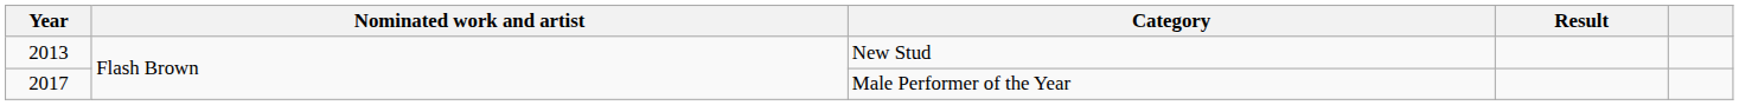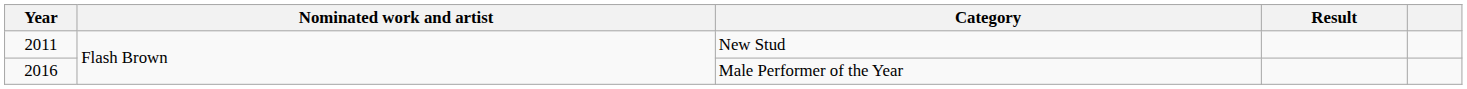 <table class="wikitable" style="width:70%;">
 <tr>
 <th width=4%>Year</th>
 <th style="width:35%;">Nominated work and artist</th>
 <th style="width:30%;">Category</th>
 <th style="width:8%;">Result</th>
 <th width=3%></th>
 </tr>
 <tr>
-<td style="text-align:center">2013</td>
+<td style="text-align:center">2011</td>
 <td rowspan="2">Flash Brown</td>
 <td>New Stud</td>
 <td></td>
 <td style="text-align:center;"></td>
 </tr>
 <tr>
-<td style="text-align:center;">2017</td>
+<td style="text-align:center;">2016</td>
 <td>Male Performer of the Year</td>
 <td></td>
 <td style="text-align:center;"></td>
 </tr>
 </table>
